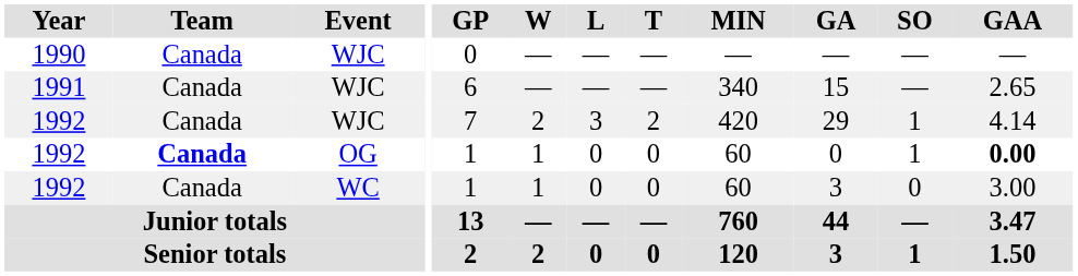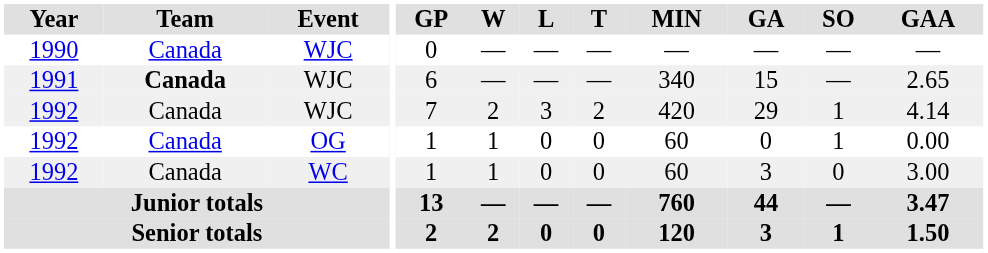 <table border="0" cellpadding="1" cellspacing="0" ID="Table3" style="text-align:center; width:40em">
 <tr ALIGN="center" bgcolor="#e0e0e0">
 <th>Year</th>
 <th>Team</th>
 <th>Event</th>
 <th rowspan="99" bgcolor="#ffffff"></th>
 <th>GP</th>
 <th>W</th>
 <th>L</th>
 <th>T</th>
 <th>MIN</th>
 <th>GA</th>
 <th>SO</th>
 <th>GAA</th>
 </tr>
 <tr>
 <td><a href='#'>1990</a></td>
 <td><a href='#'>Canada</a></td>
 <td><a href='#'>WJC</a></td>
 <td>0</td>
 <td>—</td>
 <td>—</td>
 <td>—</td>
 <td>—</td>
 <td>—</td>
 <td>—</td>
 <td>—</td>
 </tr>
 <tr bgcolor="#f0f0f0">
 <td><a href='#'>1991</a></td>
-<td>Canada</td>
+<td><strong>Canada</strong></td>
 <td>WJC</td>
 <td>6</td>
 <td>—</td>
 <td>—</td>
 <td>—</td>
 <td>340</td>
 <td>15</td>
 <td>—</td>
 <td>2.65</td>
 </tr>
 <tr bgcolor="#f0f0f0">
 <td><a href='#'>1992</a></td>
 <td>Canada</td>
 <td>WJC</td>
 <td>7</td>
 <td>2</td>
 <td>3</td>
 <td>2</td>
 <td>420</td>
 <td>29</td>
 <td>1</td>
 <td>4.14</td>
 </tr>
 <tr>
 <td><a href='#'>1992</a></td>
-<td><strong><a href='#'>Canada</a></strong></td>
+<td><a href='#'>Canada</a></td>
 <td><a href='#'>OG</a></td>
 <td>1</td>
 <td>1</td>
 <td>0</td>
 <td>0</td>
 <td>60</td>
 <td>0</td>
 <td>1</td>
-<td><strong>0.00</strong></td>
+<td>0.00</td>
 </tr>
 <tr bgcolor="#f0f0f0">
 <td><a href='#'>1992</a></td>
 <td>Canada</td>
 <td><a href='#'>WC</a></td>
 <td>1</td>
 <td>1</td>
 <td>0</td>
 <td>0</td>
 <td>60</td>
 <td>3</td>
 <td>0</td>
 <td>3.00</td>
 </tr>
 <tr bgcolor="#e0e0e0">
 <th colspan="3">Junior totals</th>
 <th>13</th>
 <th>—</th>
 <th>—</th>
 <th>—</th>
 <th>760</th>
 <th>44</th>
 <th>—</th>
 <th>3.47</th>
 </tr>
 <tr bgcolor="#e0e0e0">
 <th colspan="3">Senior totals</th>
 <th>2</th>
 <th>2</th>
 <th>0</th>
 <th>0</th>
 <th>120</th>
 <th>3</th>
 <th>1</th>
 <th>1.50</th>
 </tr>
 </table>
